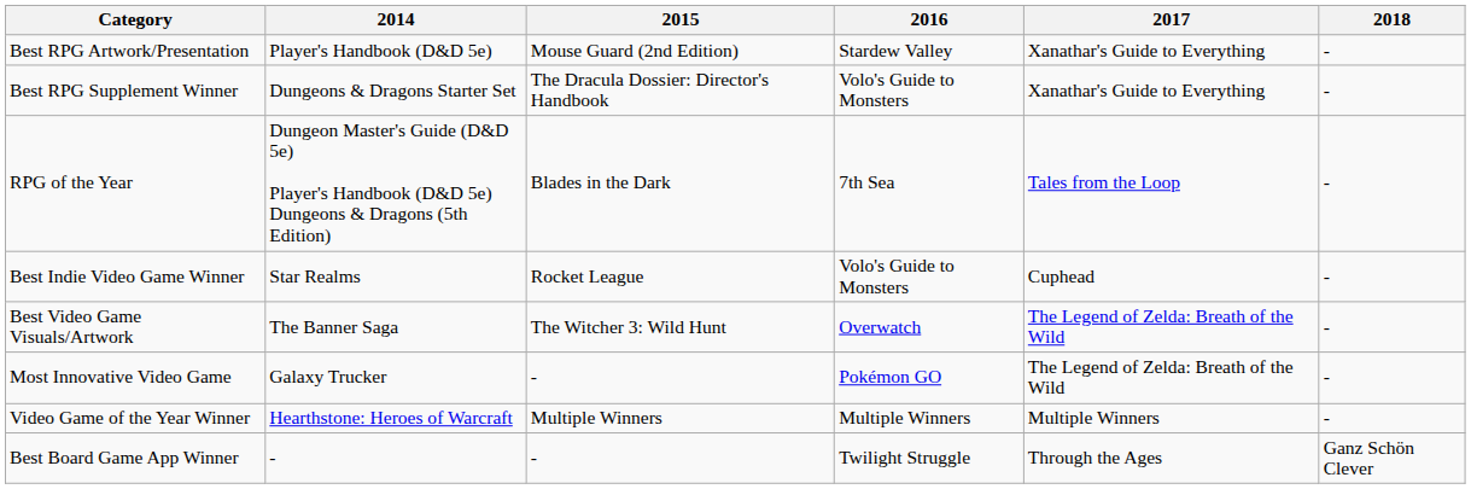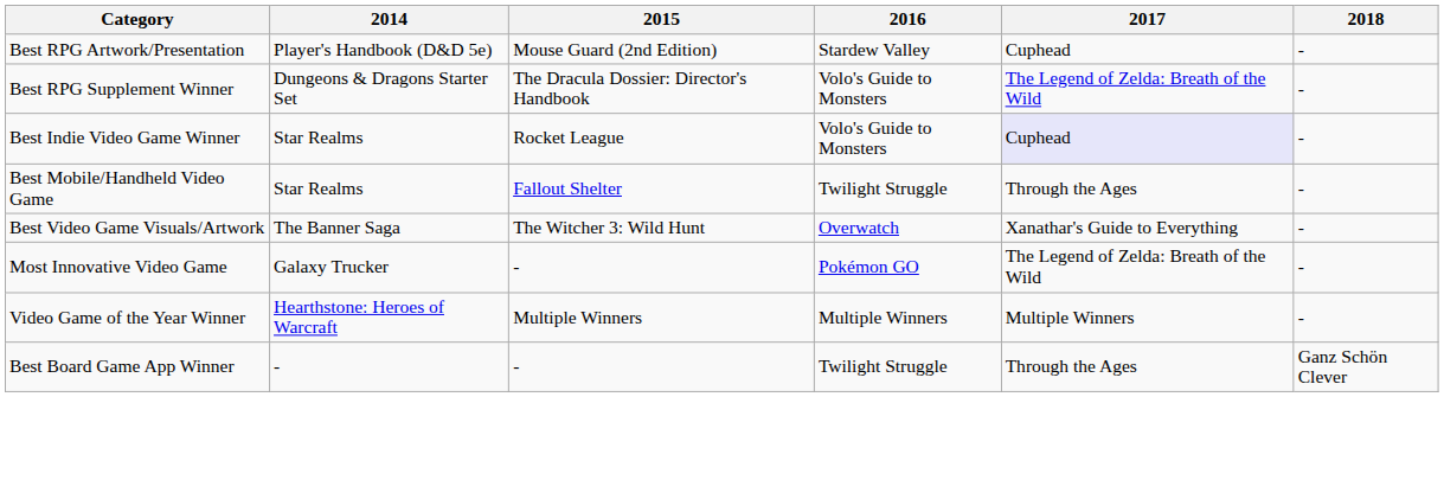 <table class="wikitable">
 <tr>
 <th>Category</th>
 <th>2014</th>
 <th>2015</th>
 <th>2016</th>
 <th>2017</th>
 <th>2018</th>
 </tr>
 <tr>
 <td>Best RPG Artwork/Presentation</td>
 <td>Player's Handbook (D&D 5e)</td>
 <td>Mouse Guard (2nd Edition)</td>
 <td>Stardew Valley</td>
-<td>Xanathar's Guide to Everything</td>
+<td>Cuphead</td>
 <td>-</td>
 </tr>
 <tr>
 <td>Best RPG Supplement Winner</td>
 <td>Dungeons & Dragons Starter Set</td>
 <td>The Dracula Dossier: Director's Handbook</td>
 <td>Volo's Guide to Monsters</td>
-<td>Xanathar's Guide to Everything</td>
-<td>-</td>
-</tr>
-<tr>
-<td>RPG of the Year</td>
-<td>Dungeon Master's Guide (D&D 5e)<br><br>Player's Handbook (D&D 5e)<br> Dungeons & Dragons (5th Edition)</td>
-<td>Blades in the Dark</td>
-<td>7th Sea</td>
-<td><a href='#'>Tales from the Loop</a></td>
+<td><a href='#'>The Legend of Zelda: Breath of the Wild</a></td>
 <td>-</td>
 </tr>
 <tr>
 <td>Best Indie Video Game Winner</td>
 <td>Star Realms</td>
 <td>Rocket League</td>
 <td>Volo's Guide to Monsters</td>
-<td>Cuphead</td>
+<td style="background: lavender;">Cuphead</td>
+<td>-</td>
+</tr>
+<tr>
+<td>Best Mobile/Handheld Video Game</td>
+<td>Star Realms</td>
+<td><a href='#'>Fallout Shelter</a></td>
+<td>Twilight Struggle</td>
+<td>Through the Ages</td>
 <td>-</td>
 </tr>
 <tr>
 <td>Best Video Game Visuals/Artwork</td>
 <td>The Banner Saga</td>
 <td>The Witcher 3: Wild Hunt</td>
 <td><a href='#'>Overwatch</a></td>
-<td><a href='#'>The Legend of Zelda: Breath of the Wild</a></td>
+<td>Xanathar's Guide to Everything</td>
 <td>-</td>
 </tr>
 <tr>
 <td>Most Innovative Video Game</td>
 <td>Galaxy Trucker</td>
 <td>-</td>
 <td><a href='#'>Pokémon GO</a></td>
 <td>The Legend of Zelda: Breath of the Wild</td>
 <td>-</td>
 </tr>
 <tr>
 <td>Video Game of the Year Winner</td>
 <td><a href='#'>Hearthstone: Heroes of Warcraft</a></td>
 <td>Multiple Winners</td>
 <td>Multiple Winners</td>
 <td>Multiple Winners</td>
 <td>-</td>
 </tr>
 <tr>
 <td>Best Board Game App Winner</td>
 <td>-</td>
 <td>-</td>
 <td>Twilight Struggle</td>
 <td>Through the Ages</td>
 <td>Ganz Schön Clever</td>
 </tr>
 </table>
